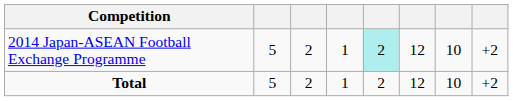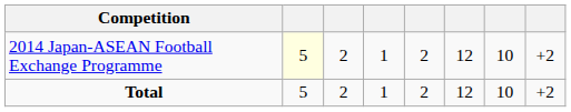 <table class="wikitable" style="text-align: center;">
 <tr>
 <th width=250>Competition</th>
 <th width=30></th>
 <th width=30></th>
 <th width=30></th>
 <th width=30></th>
 <th width=30></th>
 <th width=30></th>
 <th width=30></th>
 </tr>
 <tr>
 <td align="left"><a href='#'>2014 Japan-ASEAN Football Exchange Programme</a></td>
-<td>5</td>
+<td style="background: lightyellow;">5</td>
 <td>2</td>
 <td>1</td>
-<td style="background: paleturquoise;">2</td>
+<td>2</td>
 <td>12</td>
 <td>10</td>
 <td>+2</td>
 </tr>
 <tr>
 <td><strong>Total</strong></td>
 <td>5</td>
 <td>2</td>
 <td>1</td>
 <td>2</td>
 <td>12</td>
 <td>10</td>
 <td>+2</td>
 </tr>
 </table>
